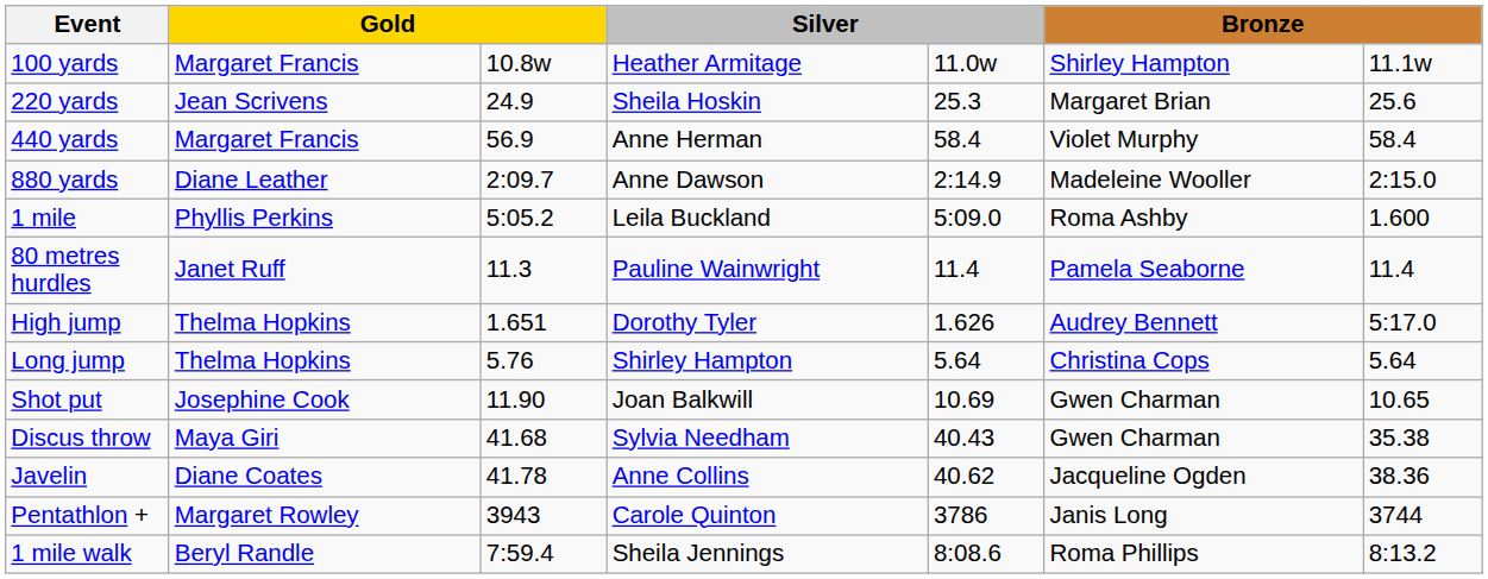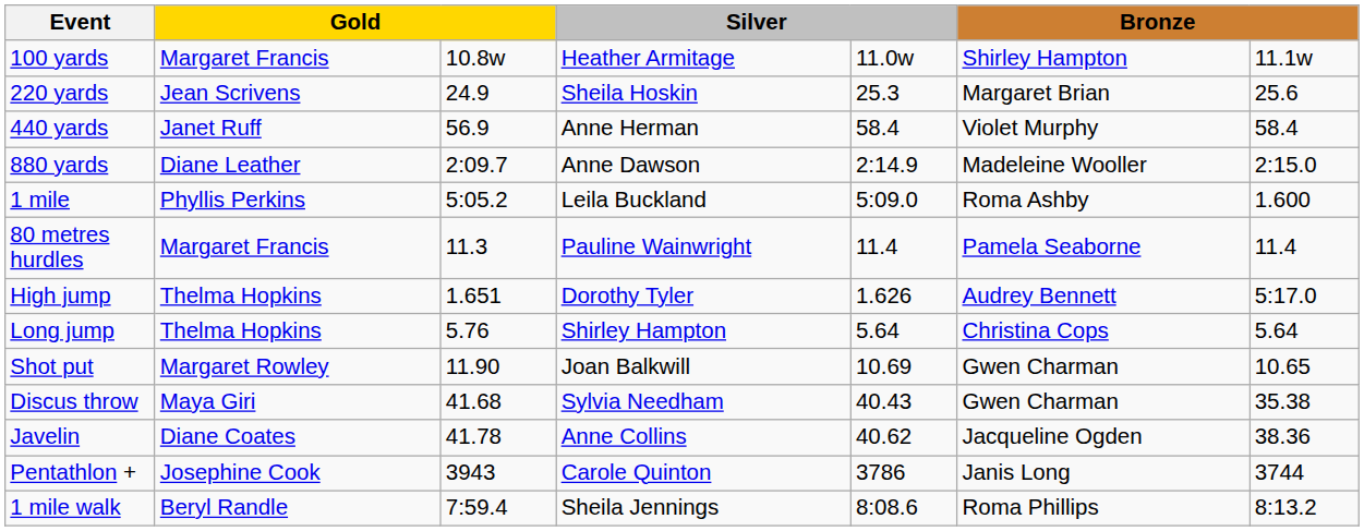 <table class="wikitable" style="text-align:left">
 <tr>
 <th width=100>Event</th>
 <th colspan="2" width="280" style="background:gold;">Gold</th>
 <th colspan="2" width="280" style="background:silver;">Silver</th>
 <th colspan="2" width="280" style="background:#CD7F32;">Bronze</th>
 </tr>
 <tr>
 <td><a href='#'>100 yards</a></td>
 <td><a href='#'>Margaret Francis</a></td>
 <td>10.8w</td>
 <td><a href='#'>Heather Armitage</a></td>
 <td>11.0w</td>
 <td><a href='#'>Shirley Hampton</a></td>
 <td>11.1w</td>
 </tr>
 <tr>
 <td><a href='#'>220 yards</a></td>
 <td><a href='#'>Jean Scrivens</a></td>
 <td>24.9</td>
 <td><a href='#'>Sheila Hoskin</a></td>
 <td>25.3</td>
 <td>Margaret Brian</td>
 <td>25.6</td>
 </tr>
 <tr>
 <td><a href='#'>440 yards</a></td>
-<td><a href='#'>Margaret Francis</a></td>
+<td><a href='#'>Janet Ruff</a></td>
 <td>56.9</td>
 <td> Anne Herman</td>
 <td>58.4</td>
 <td>Violet Murphy</td>
 <td>58.4</td>
 </tr>
 <tr>
 <td><a href='#'>880 yards</a></td>
 <td><a href='#'>Diane Leather</a></td>
 <td>2:09.7</td>
 <td>Anne Dawson</td>
 <td>2:14.9</td>
 <td>Madeleine Wooller</td>
 <td>2:15.0</td>
 </tr>
 <tr>
 <td><a href='#'>1 mile</a></td>
 <td><a href='#'>Phyllis Perkins</a></td>
 <td>5:05.2</td>
 <td>Leila Buckland</td>
 <td>5:09.0</td>
 <td>Roma Ashby</td>
 <td>1.600</td>
 </tr>
 <tr>
 <td><a href='#'>80 metres hurdles</a></td>
-<td><a href='#'>Janet Ruff</a></td>
+<td><a href='#'>Margaret Francis</a></td>
 <td>11.3</td>
 <td><a href='#'>Pauline Wainwright</a></td>
 <td>11.4</td>
 <td><a href='#'>Pamela Seaborne</a></td>
 <td>11.4</td>
 </tr>
 <tr>
 <td><a href='#'>High jump</a></td>
 <td><a href='#'>Thelma Hopkins</a></td>
 <td>1.651</td>
 <td><a href='#'>Dorothy Tyler</a></td>
 <td>1.626</td>
 <td><a href='#'>Audrey Bennett</a></td>
 <td>5:17.0</td>
 </tr>
 <tr>
 <td><a href='#'>Long jump</a></td>
 <td><a href='#'>Thelma Hopkins</a></td>
 <td>5.76</td>
 <td><a href='#'>Shirley Hampton</a></td>
 <td>5.64</td>
 <td><a href='#'>Christina Cops</a></td>
 <td>5.64</td>
 </tr>
 <tr>
 <td><a href='#'>Shot put</a></td>
-<td><a href='#'>Josephine Cook</a></td>
+<td><a href='#'>Margaret Rowley</a></td>
 <td>11.90</td>
 <td>Joan Balkwill</td>
 <td>10.69</td>
 <td>Gwen Charman</td>
 <td>10.65</td>
 </tr>
 <tr>
 <td><a href='#'>Discus throw</a></td>
 <td><a href='#'>Maya Giri</a></td>
 <td>41.68</td>
 <td><a href='#'>Sylvia Needham</a></td>
 <td>40.43</td>
 <td>Gwen Charman</td>
 <td>35.38</td>
 </tr>
 <tr>
 <td><a href='#'>Javelin</a></td>
 <td><a href='#'>Diane Coates</a></td>
 <td>41.78</td>
 <td><a href='#'>Anne Collins</a></td>
 <td>40.62</td>
 <td>Jacqueline Ogden</td>
 <td>38.36</td>
 </tr>
 <tr>
 <td><a href='#'>Pentathlon</a> +</td>
-<td><a href='#'>Margaret Rowley</a></td>
+<td><a href='#'>Josephine Cook</a></td>
 <td>3943</td>
 <td><a href='#'>Carole Quinton</a></td>
 <td>3786</td>
 <td>Janis Long</td>
 <td>3744</td>
 </tr>
 <tr>
 <td><a href='#'>1 mile walk</a></td>
 <td><a href='#'>Beryl Randle</a></td>
 <td>7:59.4</td>
 <td>Sheila Jennings</td>
 <td>8:08.6</td>
 <td>Roma Phillips</td>
 <td>8:13.2</td>
 </tr>
 </table>
